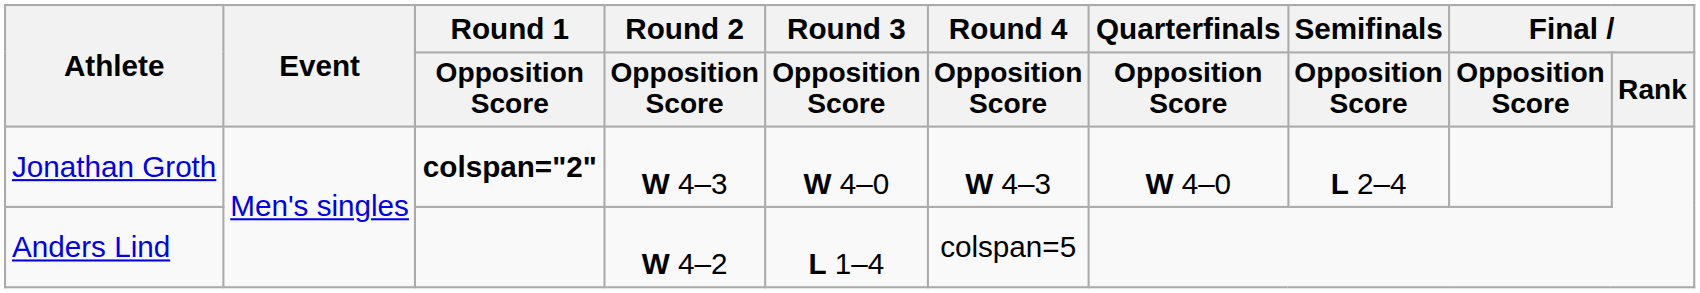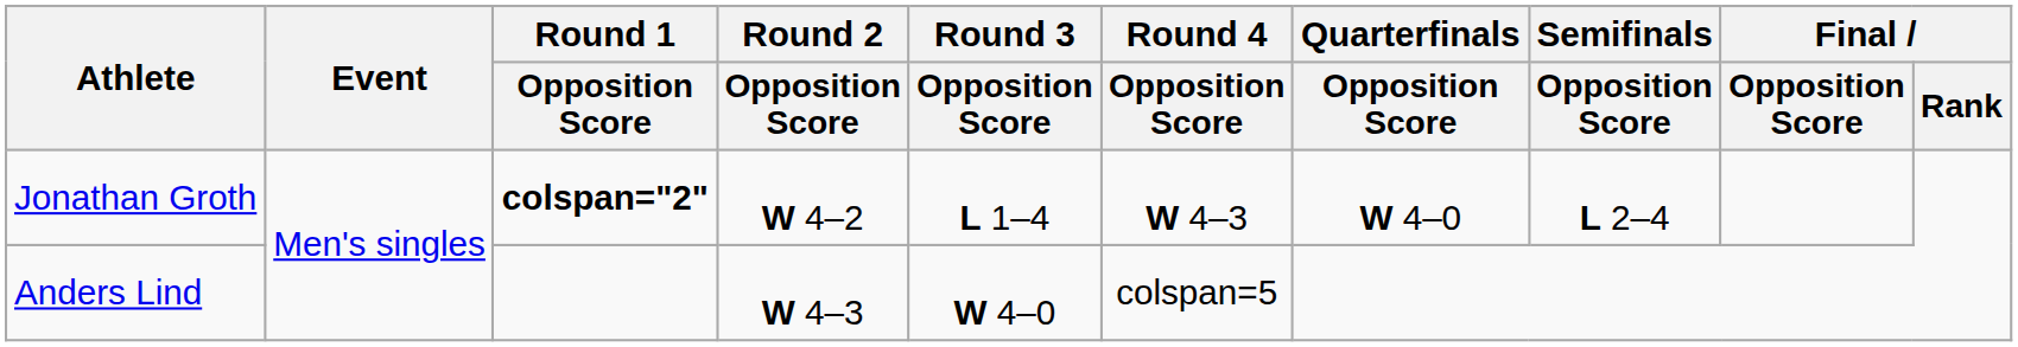 <table class="wikitable" style="font-size:90%; text-align:center;">
 <tr>
 <th rowspan="2">Athlete</th>
 <th rowspan="2">Event</th>
 <th>Round 1</th>
 <th>Round 2</th>
 <th>Round 3</th>
 <th>Round 4</th>
 <th>Quarterfinals</th>
 <th>Semifinals</th>
 <th colspan="2">Final / </th>
 </tr>
 <tr style="font-size:95%;">
 <th>Opposition<br>Score</th>
 <th>Opposition<br>Score</th>
 <th>Opposition<br>Score</th>
 <th>Opposition<br>Score</th>
 <th>Opposition<br>Score</th>
 <th>Opposition<br>Score</th>
 <th>Opposition<br>Score</th>
 <th>Rank</th>
 </tr>
 <tr>
 <td style="text-align:left;"><a href='#'>Jonathan Groth</a></td>
 <td style="text-align:left;" rowspan="2"><a href='#'>Men's singles</a></td>
 <td><strong>colspan="2" </strong></td>
-<td><br> <strong>W</strong> 4–3</td>
-<td><br> <strong>W</strong> 4–0</td>
+<td><br> <strong>W</strong> 4–2</td>
+<td><br> <strong>L</strong> 1–4</td>
 <td><br> <strong>W</strong> 4–3</td>
 <td><br> <strong>W</strong> 4–0</td>
 <td><br> <strong>L</strong> 2–4</td>
 <td></td>
 </tr>
 <tr>
 <td style="text-align:left;"><a href='#'>Anders Lind</a></td>
 <td></td>
-<td><br> <strong>W</strong> 4–2</td>
-<td><br> <strong>L</strong> 1–4</td>
+<td><br> <strong>W</strong> 4–3</td>
+<td><br> <strong>W</strong> 4–0</td>
 <td>colspan=5 </td>
 </tr>
 </table>
